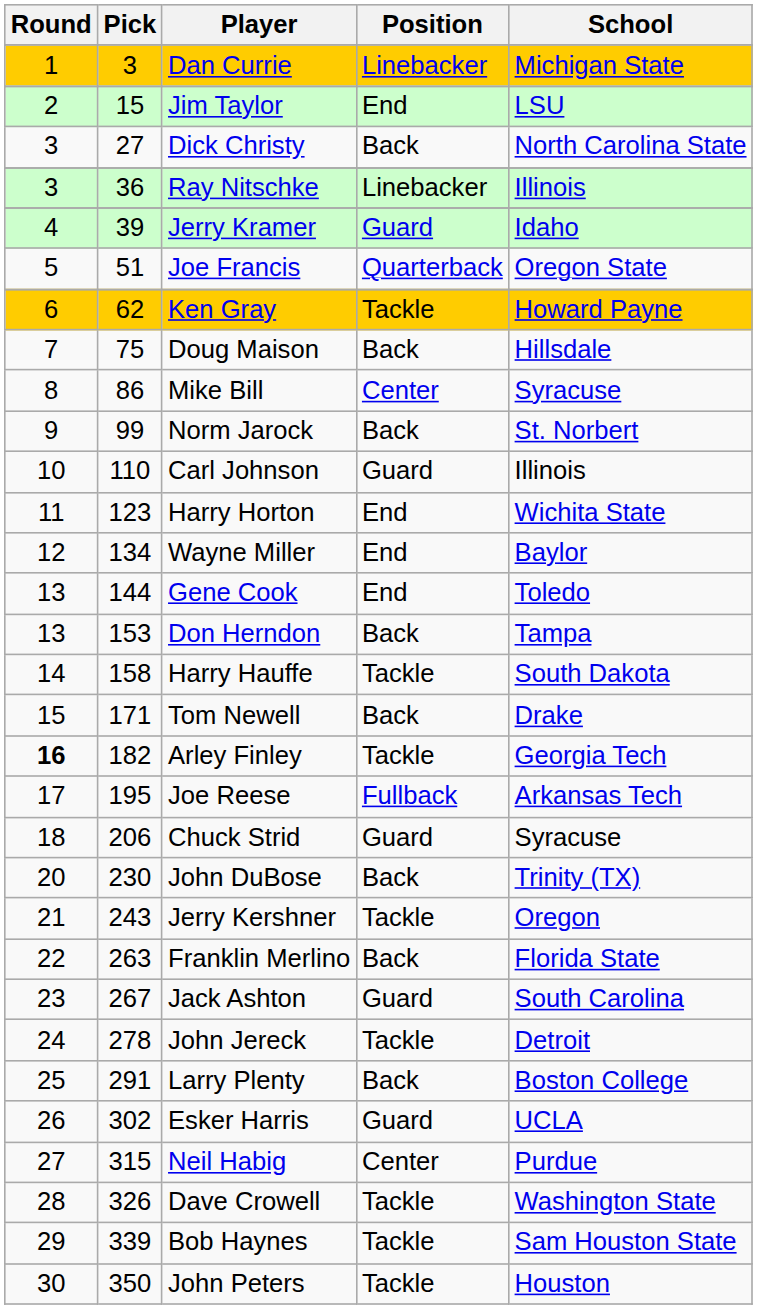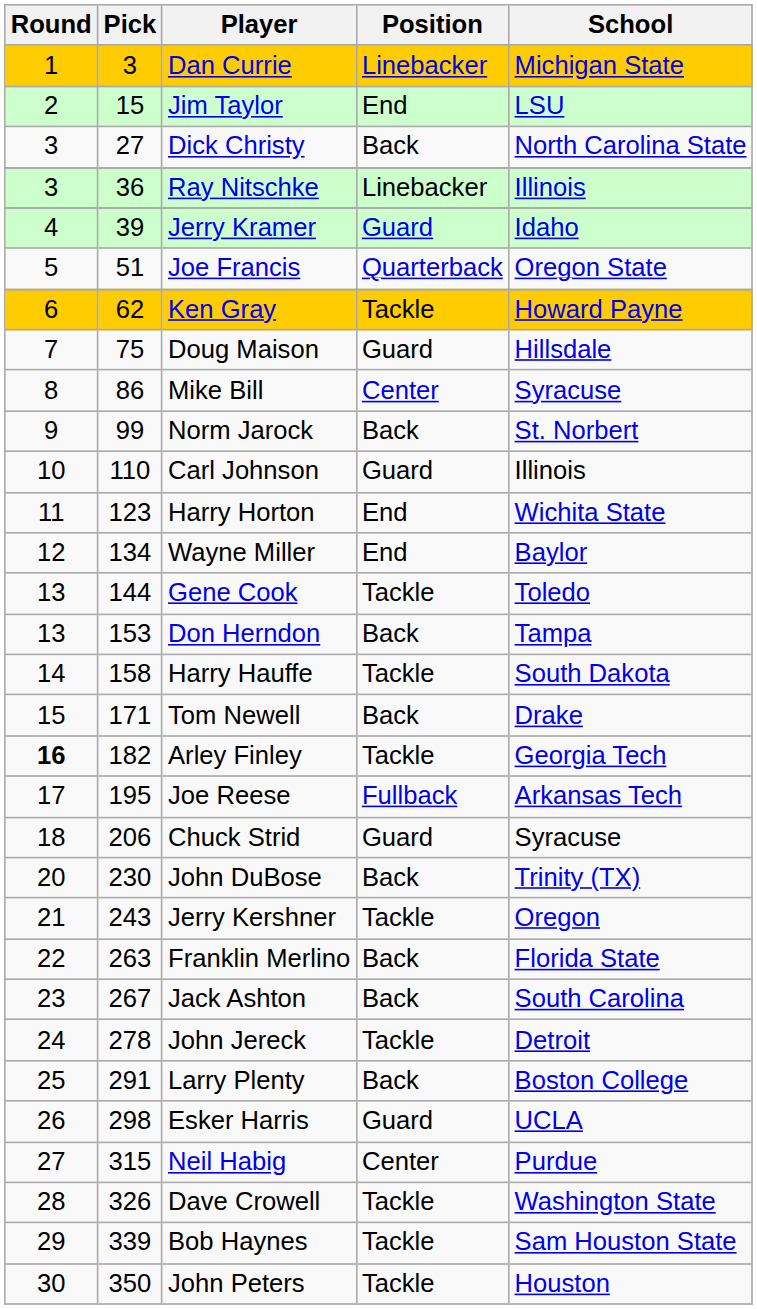 <table class="wikitable sortable">
 <tr>
 <th>Round</th>
 <th>Pick</th>
 <th>Player</th>
 <th>Position</th>
 <th>School</th>
 </tr>
 <tr>
 </tr>
 <tr bgcolor="#FFCC00">
 <td align=center>1</td>
 <td align=center>3</td>
 <td><a href='#'>Dan Currie</a></td>
 <td><a href='#'>Linebacker</a></td>
 <td><a href='#'>Michigan State</a></td>
 </tr>
 <tr>
 </tr>
 <tr bgcolor="#CCFFCC">
 <td align=center>2</td>
 <td align=center>15</td>
 <td><a href='#'>Jim Taylor</a></td>
 <td>End</td>
 <td><a href='#'>LSU</a></td>
 </tr>
 <tr>
 <td align=center>3</td>
 <td align=center>27</td>
 <td><a href='#'>Dick Christy</a></td>
 <td>Back</td>
 <td><a href='#'>North Carolina State</a></td>
 </tr>
 <tr>
 </tr>
 <tr bgcolor="#CCFFCC">
 <td align=center>3</td>
 <td align=center>36</td>
 <td><a href='#'>Ray Nitschke</a></td>
 <td>Linebacker</td>
 <td><a href='#'>Illinois</a></td>
 </tr>
 <tr>
 </tr>
 <tr bgcolor="#CCFFCC">
 <td align=center>4</td>
 <td align=center>39</td>
 <td><a href='#'>Jerry Kramer</a></td>
 <td><a href='#'>Guard</a></td>
 <td><a href='#'>Idaho</a></td>
 </tr>
 <tr>
 <td align=center>5</td>
 <td align=center>51</td>
 <td><a href='#'>Joe Francis</a></td>
 <td><a href='#'>Quarterback</a></td>
 <td><a href='#'>Oregon State</a></td>
 </tr>
 <tr>
 </tr>
 <tr bgcolor="#FFCC00">
 <td align=center>6</td>
 <td align=center>62</td>
 <td><a href='#'>Ken Gray</a></td>
 <td>Tackle</td>
 <td><a href='#'>Howard Payne</a></td>
 </tr>
 <tr>
 <td align=center>7</td>
 <td align=center>75</td>
 <td>Doug Maison</td>
-<td>Back</td>
+<td>Guard</td>
 <td><a href='#'>Hillsdale</a></td>
 </tr>
 <tr>
 <td align=center>8</td>
 <td align=center>86</td>
 <td>Mike Bill</td>
 <td><a href='#'>Center</a></td>
 <td><a href='#'>Syracuse</a></td>
 </tr>
 <tr>
 <td align=center>9</td>
 <td align=center>99</td>
 <td>Norm Jarock</td>
 <td>Back</td>
 <td><a href='#'>St. Norbert</a></td>
 </tr>
 <tr>
 <td align=center>10</td>
 <td align=center>110</td>
 <td>Carl Johnson</td>
 <td>Guard</td>
 <td>Illinois</td>
 </tr>
 <tr>
 <td align=center>11</td>
 <td align=center>123</td>
 <td>Harry Horton</td>
 <td>End</td>
 <td><a href='#'>Wichita State</a></td>
 </tr>
 <tr>
 <td align=center>12</td>
 <td align=center>134</td>
 <td>Wayne Miller</td>
 <td>End</td>
 <td><a href='#'>Baylor</a></td>
 </tr>
 <tr>
 <td align=center>13</td>
 <td align=center>144</td>
 <td><a href='#'>Gene Cook</a></td>
-<td>End</td>
+<td>Tackle</td>
 <td><a href='#'>Toledo</a></td>
 </tr>
 <tr>
 <td align=center>13</td>
 <td align=center>153</td>
 <td><a href='#'>Don Herndon</a></td>
 <td>Back</td>
 <td><a href='#'>Tampa</a></td>
 </tr>
 <tr>
 <td align=center>14</td>
 <td align=center>158</td>
 <td>Harry Hauffe</td>
 <td>Tackle</td>
 <td><a href='#'>South Dakota</a></td>
 </tr>
 <tr>
 <td align=center>15</td>
 <td align=center>171</td>
 <td>Tom Newell</td>
 <td>Back</td>
 <td><a href='#'>Drake</a></td>
 </tr>
 <tr>
 <td align=center><strong>16</strong></td>
 <td align=center>182</td>
 <td>Arley Finley</td>
 <td>Tackle</td>
 <td><a href='#'>Georgia Tech</a></td>
 </tr>
 <tr>
 <td align=center>17</td>
 <td align=center>195</td>
 <td>Joe Reese</td>
 <td><a href='#'>Fullback</a></td>
 <td><a href='#'>Arkansas Tech</a></td>
 </tr>
 <tr>
 <td align=center>18</td>
 <td align=center>206</td>
 <td>Chuck Strid</td>
 <td>Guard</td>
 <td>Syracuse</td>
 </tr>
 <tr>
 <td align=center>20</td>
 <td align=center>230</td>
 <td>John DuBose</td>
 <td>Back</td>
 <td><a href='#'>Trinity (TX)</a></td>
 </tr>
 <tr>
 <td align=center>21</td>
 <td align=center>243</td>
 <td>Jerry Kershner</td>
 <td>Tackle</td>
 <td><a href='#'>Oregon</a></td>
 </tr>
 <tr>
 <td align=center>22</td>
 <td align=center>263</td>
 <td>Franklin Merlino</td>
 <td>Back</td>
 <td><a href='#'>Florida State</a></td>
 </tr>
 <tr>
 <td align=center>23</td>
 <td align=center>267</td>
 <td>Jack Ashton</td>
-<td>Guard</td>
+<td>Back</td>
 <td><a href='#'>South Carolina</a></td>
 </tr>
 <tr>
 <td align=center>24</td>
 <td align=center>278</td>
 <td>John Jereck</td>
 <td>Tackle</td>
 <td><a href='#'>Detroit</a></td>
 </tr>
 <tr>
 <td align=center>25</td>
 <td align=center>291</td>
 <td>Larry Plenty</td>
 <td>Back</td>
 <td><a href='#'>Boston College</a></td>
 </tr>
 <tr>
 <td align=center>26</td>
-<td align=center>302</td>
+<td align=center>298</td>
 <td>Esker Harris</td>
 <td>Guard</td>
 <td><a href='#'>UCLA</a></td>
 </tr>
 <tr>
 <td align=center>27</td>
 <td align=center>315</td>
 <td><a href='#'>Neil Habig</a></td>
 <td>Center</td>
 <td><a href='#'>Purdue</a></td>
 </tr>
 <tr>
 <td align=center>28</td>
 <td align=center>326</td>
 <td>Dave Crowell</td>
 <td>Tackle</td>
 <td><a href='#'>Washington State</a></td>
 </tr>
 <tr>
 <td align=center>29</td>
 <td align=center>339</td>
 <td>Bob Haynes</td>
 <td>Tackle</td>
 <td><a href='#'>Sam Houston State</a></td>
 </tr>
 <tr>
 <td align=center>30</td>
 <td align=center>350</td>
 <td>John Peters</td>
 <td>Tackle</td>
 <td><a href='#'>Houston</a></td>
 </tr>
 </table>
